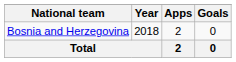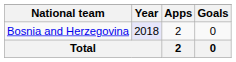 <table class="wikitable" style="text-align: center;">
 <tr>
 </tr>
 <tr>
 <th>National team</th>
 <th>Year</th>
 <th>Apps</th>
 <th>Goals</th>
 </tr>
 <tr>
 <td><a href='#'>Bosnia and Herzegovina</a></td>
-<td>2018</td>
+<td style="background: lavender;">2018</td>
 <td>2</td>
 <td>0</td>
 </tr>
 <tr>
 <th colspan=2>Total</th>
 <th>2</th>
 <th>0</th>
 </tr>
 </table>
